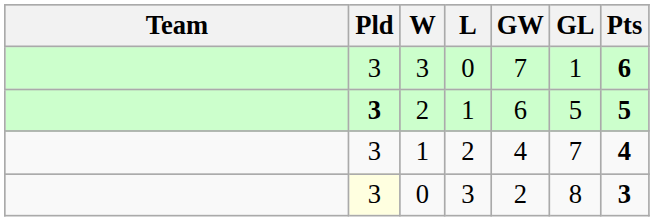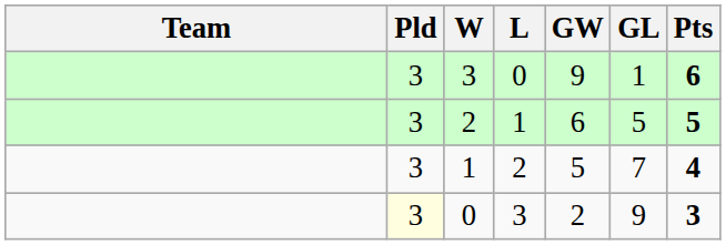 <table class="wikitable" style="text-align:center">
 <tr>
 <th width=200>Team</th>
 <th width=20>Pld</th>
 <th width=20>W</th>
 <th width=20>L</th>
 <th width=20>GW</th>
 <th width=20>GL</th>
 <th width=20>Pts</th>
 </tr>
 <tr bgcolor=ccffcc>
 <td style="text-align:left;"></td>
 <td>3</td>
 <td>3</td>
 <td>0</td>
-<td>7</td>
+<td>9</td>
 <td>1</td>
 <td><strong>6</strong></td>
 </tr>
 <tr bgcolor=ccffcc>
 <td style="text-align:left;"></td>
-<td><strong>3</strong></td>
+<td>3</td>
 <td>2</td>
 <td>1</td>
 <td>6</td>
 <td>5</td>
 <td><strong>5</strong></td>
 </tr>
 <tr>
 <td style="text-align:left;"></td>
 <td>3</td>
 <td>1</td>
 <td>2</td>
-<td>4</td>
+<td>5</td>
 <td>7</td>
 <td><strong>4</strong></td>
 </tr>
 <tr>
 <td style="text-align:left;"></td>
 <td style="background: lightyellow;">3</td>
 <td>0</td>
 <td>3</td>
 <td>2</td>
-<td>8</td>
+<td>9</td>
 <td><strong>3</strong></td>
 </tr>
 </table>
